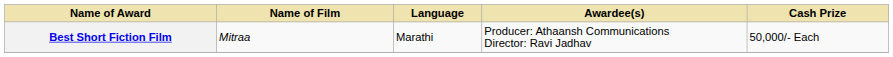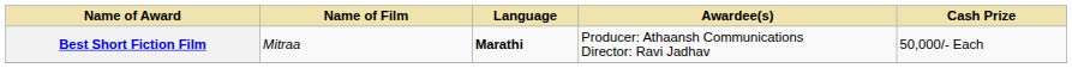 <table class="wikitable plainrowheaders" style="width:100%;">
 <tr>
 <th style="background-color:#EFE4B0;width:24%;">Name of Award</th>
 <th style="background-color:#EFE4B0;width:20%;">Name of Film</th>
 <th style="background-color:#EFE4B0;width:10%;">Language</th>
 <th style="background-color:#EFE4B0;width:30%;">Awardee(s)</th>
 <th style="background-color:#EFE4B0;width:16%;">Cash Prize</th>
 </tr>
 <tr>
 <th scope="row"><a href='#'>Best Short Fiction Film</a></th>
 <td><em>Mitraa</em></td>
-<td>Marathi</td>
+<td><strong>Marathi</strong></td>
 <td>Producer: Athaansh Communications <br>Director: Ravi Jadhav</td>
 <td> 50,000/- Each</td>
 </tr>
 <tr>
 </tr>
 </table>
